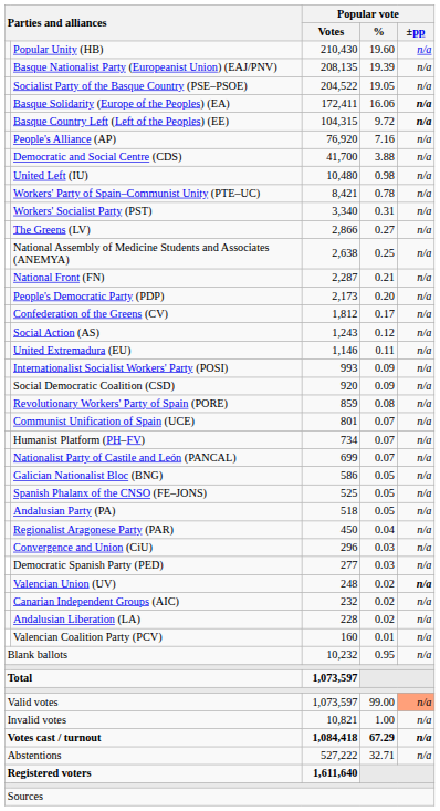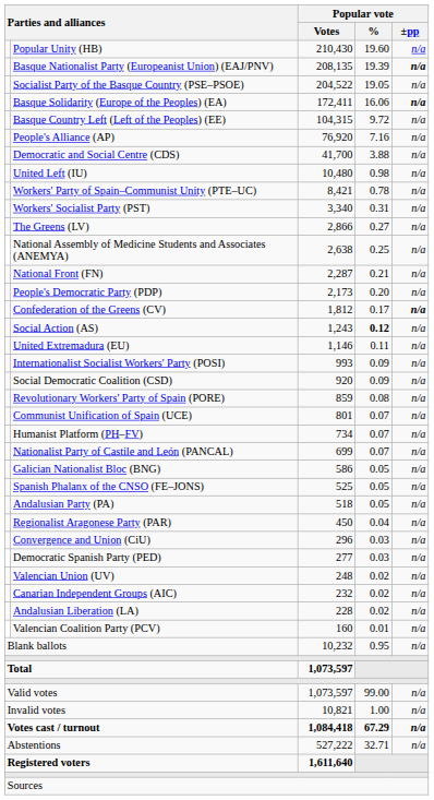 <table class="wikitable" style="text-align:right">
 <tr>
 <th style="text-align:left;" rowspan="2" colspan="2" width="525">Parties and alliances</th>
 <th colspan="3">Popular vote</th>
 </tr>
 <tr>
 <th width="75">Votes</th>
 <th width="45">%</th>
 <th width="45">±<a href='#'>pp</a></th>
 </tr>
 <tr>
 <td width="1" style="color:inherit;background:"></td>
 <td align="left"><a href='#'>Popular Unity</a> (HB)</td>
 <td>210,430</td>
 <td>19.60</td>
 <td><em><a href='#'>n/a</a></em></td>
 </tr>
 <tr>
 <td style="color:inherit;background:"></td>
 <td align="left"><a href='#'>Basque Nationalist Party</a> (<a href='#'>Europeanist Union</a>) (EAJ/PNV)</td>
 <td>208,135</td>
 <td>19.39</td>
-<td><em>n/a</em></td>
+<td><strong><em>n/a</em></strong></td>
 </tr>
 <tr>
 <td style="color:inherit;background:"></td>
 <td align="left"><a href='#'>Socialist Party of the Basque Country</a> (PSE–PSOE)</td>
 <td>204,522</td>
 <td>19.05</td>
 <td><em>n/a</em></td>
 </tr>
 <tr>
 <td style="color:inherit;background:"></td>
 <td align="left"><a href='#'>Basque Solidarity</a> (<a href='#'>Europe of the Peoples</a>) (EA)</td>
 <td>172,411</td>
 <td>16.06</td>
 <td><strong><em>n/a</em></strong></td>
 </tr>
 <tr>
 <td style="color:inherit;background:"></td>
 <td align="left"><a href='#'>Basque Country Left</a> (<a href='#'>Left of the Peoples</a>) (EE)</td>
 <td>104,315</td>
 <td>9.72</td>
-<td><strong><em>n/a</em></strong></td>
+<td><em>n/a</em></td>
 </tr>
 <tr>
 <td style="color:inherit;background:"></td>
 <td align="left"><a href='#'>People's Alliance</a> (AP)</td>
 <td>76,920</td>
 <td>7.16</td>
 <td><em>n/a</em></td>
 </tr>
 <tr>
 <td style="color:inherit;background:"></td>
 <td align="left"><a href='#'>Democratic and Social Centre</a> (CDS)</td>
 <td>41,700</td>
 <td>3.88</td>
 <td><em>n/a</em></td>
 </tr>
 <tr>
 <td style="color:inherit;background:"></td>
 <td align="left"><a href='#'>United Left</a> (IU)</td>
 <td>10,480</td>
 <td>0.98</td>
 <td><em>n/a</em></td>
 </tr>
 <tr>
 <td style="color:inherit;background:"></td>
 <td align="left"><a href='#'>Workers' Party of Spain–Communist Unity</a> (PTE–UC)</td>
 <td>8,421</td>
 <td>0.78</td>
 <td><em>n/a</em></td>
 </tr>
 <tr>
 <td style="color:inherit;background:"></td>
 <td align="left"><a href='#'>Workers' Socialist Party</a> (PST)</td>
 <td>3,340</td>
 <td>0.31</td>
 <td><em>n/a</em></td>
 </tr>
 <tr>
 <td style="color:inherit;background:"></td>
 <td align="left"><a href='#'>The Greens</a> (LV)</td>
 <td>2,866</td>
 <td>0.27</td>
 <td><em>n/a</em></td>
 </tr>
 <tr>
 <td bgcolor="white"></td>
 <td align="left">National Assembly of Medicine Students and Associates (ANEMYA)</td>
 <td>2,638</td>
 <td>0.25</td>
 <td><em>n/a</em></td>
 </tr>
 <tr>
 <td style="color:inherit;background:"></td>
 <td align="left"><a href='#'>National Front</a> (FN)</td>
 <td>2,287</td>
 <td>0.21</td>
 <td><em>n/a</em></td>
 </tr>
 <tr>
 <td style="color:inherit;background:"></td>
 <td align="left"><a href='#'>People's Democratic Party</a> (PDP)</td>
 <td>2,173</td>
 <td>0.20</td>
 <td><em>n/a</em></td>
 </tr>
 <tr>
 <td style="color:inherit;background:"></td>
 <td align="left"><a href='#'>Confederation of the Greens</a> (CV)</td>
 <td>1,812</td>
 <td>0.17</td>
-<td><em>n/a</em></td>
+<td><strong><em>n/a</em></strong></td>
 </tr>
 <tr>
 <td style="color:inherit;background:"></td>
 <td align="left"><a href='#'>Social Action</a> (AS)</td>
 <td>1,243</td>
-<td>0.12</td>
+<td><strong>0.12</strong></td>
 <td><em>n/a</em></td>
 </tr>
 <tr>
 <td style="color:inherit;background:"></td>
 <td align="left"><a href='#'>United Extremadura</a> (EU)</td>
 <td>1,146</td>
 <td>0.11</td>
 <td><em>n/a</em></td>
 </tr>
 <tr>
 <td style="color:inherit;background:"></td>
 <td align="left"><a href='#'>Internationalist Socialist Workers' Party</a> (POSI)</td>
 <td>993</td>
 <td>0.09</td>
 <td><em>n/a</em></td>
 </tr>
 <tr>
 <td style="color:inherit;background:"></td>
 <td align="left">Social Democratic Coalition (CSD)</td>
 <td>920</td>
 <td>0.09</td>
 <td><em>n/a</em></td>
 </tr>
 <tr>
 <td style="color:inherit;background:"></td>
 <td align="left"><a href='#'>Revolutionary Workers' Party of Spain</a> (PORE)</td>
 <td>859</td>
 <td>0.08</td>
 <td><em>n/a</em></td>
 </tr>
 <tr>
 <td style="color:inherit;background:"></td>
 <td align="left"><a href='#'>Communist Unification of Spain</a> (UCE)</td>
 <td>801</td>
 <td>0.07</td>
 <td><em>n/a</em></td>
 </tr>
 <tr>
 <td style="color:inherit;background:"></td>
 <td align="left">Humanist Platform (<a href='#'>PH</a>–<a href='#'>FV</a>)</td>
 <td>734</td>
 <td>0.07</td>
 <td><em>n/a</em></td>
 </tr>
 <tr>
 <td style="color:inherit;background:"></td>
 <td align="left"><a href='#'>Nationalist Party of Castile and León</a> (PANCAL)</td>
 <td>699</td>
 <td>0.07</td>
 <td><em>n/a</em></td>
 </tr>
 <tr>
 <td style="color:inherit;background:"></td>
 <td align="left"><a href='#'>Galician Nationalist Bloc</a> (BNG)</td>
 <td>586</td>
 <td>0.05</td>
 <td><em>n/a</em></td>
 </tr>
 <tr>
 <td style="color:inherit;background:"></td>
 <td align="left"><a href='#'>Spanish Phalanx of the CNSO</a> (FE–JONS)</td>
 <td>525</td>
 <td>0.05</td>
 <td><em>n/a</em></td>
 </tr>
 <tr>
 <td style="color:inherit;background:"></td>
 <td align="left"><a href='#'>Andalusian Party</a> (PA)</td>
 <td>518</td>
 <td>0.05</td>
 <td><em>n/a</em></td>
 </tr>
 <tr>
 <td style="color:inherit;background:"></td>
 <td align="left"><a href='#'>Regionalist Aragonese Party</a> (PAR)</td>
 <td>450</td>
 <td>0.04</td>
 <td><em>n/a</em></td>
 </tr>
 <tr>
 <td style="color:inherit;background:"></td>
 <td align="left"><a href='#'>Convergence and Union</a> (CiU)</td>
 <td>296</td>
 <td>0.03</td>
 <td><em>n/a</em></td>
 </tr>
 <tr>
 <td bgcolor="white"></td>
 <td align="left">Democratic Spanish Party (PED)</td>
 <td>277</td>
 <td>0.03</td>
 <td><em>n/a</em></td>
 </tr>
 <tr>
 <td style="color:inherit;background:"></td>
 <td align="left"><a href='#'>Valencian Union</a> (UV)</td>
 <td>248</td>
 <td>0.02</td>
-<td><strong><em>n/a</em></strong></td>
+<td><em>n/a</em></td>
 </tr>
 <tr>
 <td style="color:inherit;background:"></td>
 <td align="left"><a href='#'>Canarian Independent Groups</a> (AIC)</td>
 <td>232</td>
 <td>0.02</td>
 <td><em>n/a</em></td>
 </tr>
 <tr>
 <td style="color:inherit;background:"></td>
 <td align="left"><a href='#'>Andalusian Liberation</a> (LA)</td>
 <td>228</td>
 <td>0.02</td>
 <td><em>n/a</em></td>
 </tr>
 <tr>
 <td bgcolor="white"></td>
 <td align="left">Valencian Coalition Party (PCV)</td>
 <td>160</td>
 <td>0.01</td>
 <td><em>n/a</em></td>
 </tr>
 <tr>
 <td align="left" colspan="2">Blank ballots</td>
 <td>10,232</td>
 <td>0.95</td>
 <td><em>n/a</em></td>
 </tr>
 <tr>
 <td colspan="5" bgcolor="#E9E9E9"></td>
 </tr>
 <tr style="font-weight:bold;">
 <td align="left" colspan="2">Total</td>
 <td>1,073,597</td>
 <td bgcolor="#E9E9E9" colspan="2"></td>
 </tr>
 <tr>
 <td colspan="5" bgcolor="#E9E9E9"></td>
 </tr>
 <tr>
 <td align="left" colspan="2">Valid votes</td>
 <td>1,073,597</td>
 <td>99.00</td>
-<td style="background: lightsalmon;"><em>n/a</em></td>
+<td><em>n/a</em></td>
 </tr>
 <tr>
 <td align="left" colspan="2">Invalid votes</td>
 <td>10,821</td>
 <td>1.00</td>
 <td><em>n/a</em></td>
 </tr>
 <tr style="font-weight:bold;">
 <td align="left" colspan="2">Votes cast / turnout</td>
 <td>1,084,418</td>
 <td>67.29</td>
 <td><em>n/a</em></td>
 </tr>
 <tr>
 <td align="left" colspan="2">Abstentions</td>
 <td>527,222</td>
 <td>32.71</td>
 <td><em>n/a</em></td>
 </tr>
 <tr style="font-weight:bold;">
 <td align="left" colspan="2">Registered voters</td>
 <td>1,611,640</td>
 <td bgcolor="#E9E9E9" colspan="2"></td>
 </tr>
 <tr>
 <td colspan="5" bgcolor="#E9E9E9"></td>
 </tr>
 <tr>
 <td align="left" colspan="5">Sources</td>
 </tr>
 </table>
